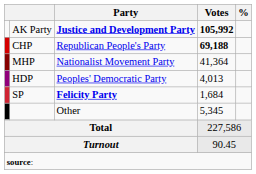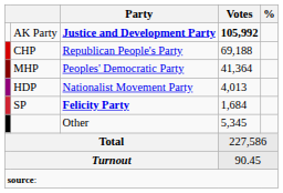 <table class="wikitable">
 <tr>
 <th colspan="2" align="center"></th>
 <th align="center">Party</th>
 <th align="center">Votes</th>
 <th align="center">%</th>
 </tr>
 <tr align="left">
 <td></td>
 <td>AK Party</td>
 <td><strong><a href='#'>Justice and Development Party</a></strong></td>
 <td><strong>105,992</strong></td>
 <td><strong></strong></td>
 </tr>
 <tr align="left">
 <td bgcolor="#d50000" width="1"></td>
 <td>CHP</td>
 <td><a href='#'>Republican People's Party</a></td>
-<td><strong>69,188</strong></td>
+<td>69,188</td>
 <td></td>
 </tr>
 <tr align="left">
 <td bgcolor="#870000" width="1"></td>
 <td>MHP</td>
-<td><a href='#'>Nationalist Movement Party</a></td>
+<td><a href='#'>Peoples' Democratic Party</a></td>
 <td>41,364</td>
 <td></td>
 </tr>
 <tr align="left">
 <td bgcolor="#91007B" width="1"></td>
 <td>HDP</td>
-<td><a href='#'>Peoples' Democratic Party</a></td>
+<td><a href='#'>Nationalist Movement Party</a></td>
 <td>4,013</td>
 <td></td>
 </tr>
 <tr align="left">
 <td bgcolor="#D02433" width="1"></td>
 <td>SP</td>
 <td><strong><a href='#'>Felicity Party</a></strong></td>
 <td>1,684</td>
 <td></td>
 </tr>
 <tr align="left">
 <td bgcolor=" " width="1"></td>
 <td></td>
 <td>Other</td>
 <td>5,345</td>
 <td></td>
 </tr>
 <tr align="left" style="background-color:#E9E9E9">
 <th colspan="3" align="center"><strong>Total</strong></th>
 <td colspan="5" align="center">227,586</td>
 </tr>
 <tr align="left" style="background-color:#E9E9E9">
 <th colspan="3" align="center"><em>Turnout</em></th>
 <td colspan="5" align="center">90.45</td>
 </tr>
 <tr>
 <td colspan="9" align="left"><small><strong>source</strong>: </small></td>
 </tr>
 </table>
